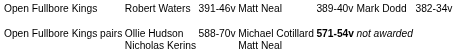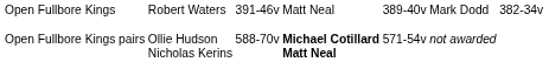 <table>
 <tr>
 <td>Open Fullbore Kings</td>
 <td>Robert Waters <br> </td>
 <td>391-46v</td>
 <td>Matt Neal <br> </td>
 <td>389-40v</td>
 <td>Mark Dodd <br>  </td>
 <td>382-34v</td>
 </tr>
 <tr>
 <td>Open Fullbore Kings pairs</td>
 <td><br>Ollie Hudson <br>Nicholas Kerins</td>
 <td>588-70v</td>
-<td><br>Michael Cotillard <br>Matt Neal</td>
-<td><strong>571-54v</strong></td>
+<td><strong><br>Michael Cotillard <br>Matt Neal</strong></td>
+<td>571-54v</td>
 <td><em>not awarded</em></td>
 <td></td>
 </tr>
 </table>
